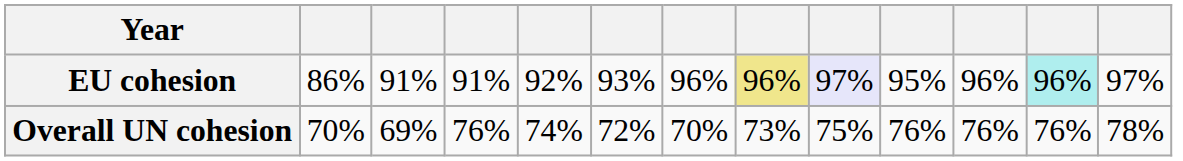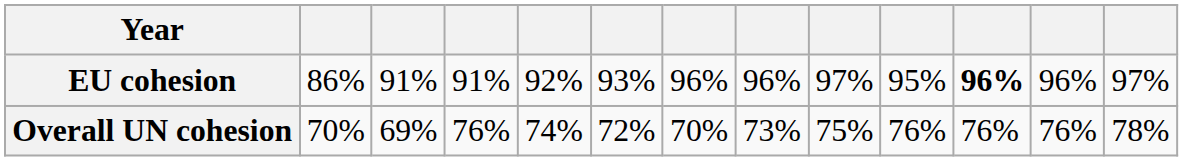 <table class="wikitable">
 <tr>
 <th>Year</th>
 <th></th>
 <th></th>
 <th></th>
 <th></th>
 <th></th>
 <th></th>
 <th></th>
 <th></th>
 <th></th>
 <th></th>
 <th></th>
 <th></th>
 </tr>
 <tr>
 <th>EU cohesion</th>
 <td>86%</td>
 <td>91%</td>
 <td>91%</td>
 <td>92%</td>
 <td>93%</td>
 <td>96%</td>
-<td style="background: khaki;">96%</td>
-<td style="background: lavender;">97%</td>
+<td>96%</td>
+<td>97%</td>
 <td>95%</td>
+<td><strong>96%</strong></td>
 <td>96%</td>
-<td style="background: paleturquoise;">96%</td>
 <td>97%</td>
 </tr>
 <tr>
 <th>Overall UN cohesion</th>
 <td>70%</td>
 <td>69%</td>
 <td>76%</td>
 <td>74%</td>
 <td>72%</td>
 <td>70%</td>
 <td>73%</td>
 <td>75%</td>
 <td>76%</td>
 <td>76%</td>
 <td>76%</td>
 <td>78%</td>
 </tr>
 </table>
